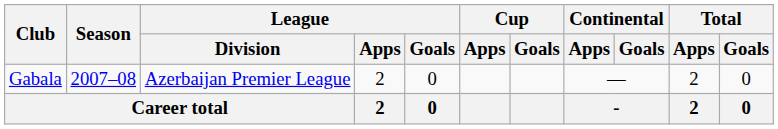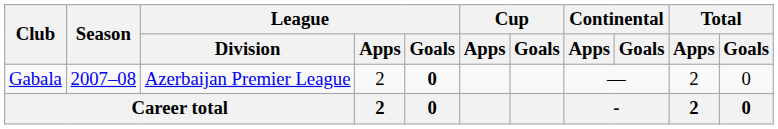 <table class="wikitable" style="text-align:center">
 <tr>
 <th rowspan="2">Club</th>
 <th rowspan="2">Season</th>
 <th colspan="3">League</th>
 <th colspan="2">Cup</th>
 <th colspan="2">Continental</th>
 <th colspan="2">Total</th>
 </tr>
 <tr>
 <th>Division</th>
 <th>Apps</th>
 <th>Goals</th>
 <th>Apps</th>
 <th>Goals</th>
 <th>Apps</th>
 <th>Goals</th>
 <th>Apps</th>
 <th>Goals</th>
 </tr>
 <tr>
 <td><a href='#'>Gabala</a></td>
 <td><a href='#'>2007–08</a></td>
 <td><a href='#'>Azerbaijan Premier League</a></td>
 <td>2</td>
-<td>0</td>
+<td><strong>0</strong></td>
 <td></td>
 <td></td>
 <td colspan="2">—</td>
 <td>2</td>
 <td>0</td>
 </tr>
 <tr>
 <th colspan="3">Career total</th>
 <th>2</th>
 <th>0</th>
 <th></th>
 <th></th>
 <th colspan="2">-</th>
 <th>2</th>
 <th>0</th>
 </tr>
 </table>
